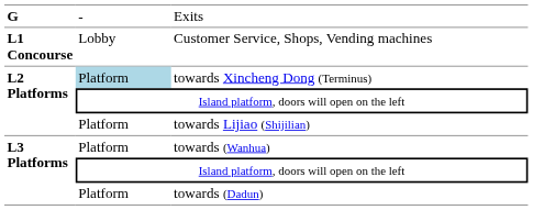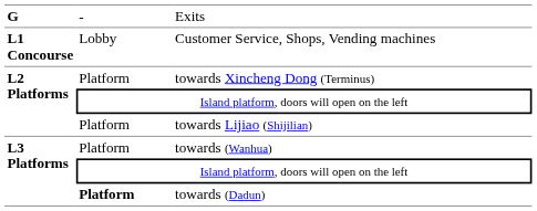 <table table border=0 cellspacing=0 cellpadding=3>
 <tr>
 <td style="border-top:solid 1px gray;" width=50 valign=top><strong>G</strong></td>
 <td style="border-top:solid 1px gray;" width=100 valign=top>-</td>
 <td style="border-top:solid 1px gray;" width=390 valign=top>Exits</td>
 </tr>
 <tr>
 <td style="border-bottom:solid 1px gray; border-top:solid 1px gray;" valign=top width=50><strong>L1<br>Concourse</strong></td>
 <td style="border-bottom:solid 1px gray; border-top:solid 1px gray;" valign=top width=100>Lobby</td>
 <td style="border-bottom:solid 1px gray; border-top:solid 1px gray;" valign=top width=390>Customer Service, Shops, Vending machines</td>
 </tr>
 <tr>
 <td style="border-bottom:solid 1px gray;" rowspan=3 valign=top><strong>L2<br>Platforms</strong></td>
-<td style="background: lightblue;">Platform </td>
+<td>Platform </td>
 <td>  towards <a href='#'>Xincheng Dong</a> <small>(Terminus)</small></td>
 </tr>
 <tr>
 <td style="border-right:solid 2px black;border-left:solid 2px black;border-top:solid 2px black;border-bottom:solid 2px black;text-align:center;" colspan=2><small><a href='#'>Island platform</a>, doors will open on the left</small></td>
 </tr>
 <tr>
 <td style="border-bottom:solid 1px gray;">Platform </td>
 <td style="border-bottom:solid 1px gray;"> towards <a href='#'>Lijiao</a> <small>(<a href='#'>Shijilian</a>)</small> </td>
 </tr>
 <tr>
 <td style="border-bottom:solid 1px gray;" rowspan=3 valign=top><strong>L3<br>Platforms</strong></td>
 <td>Platform </td>
 <td>  towards  <small>(<a href='#'>Wanhua</a>)</small></td>
 </tr>
 <tr>
 <td style="border-right:solid 2px black;border-left:solid 2px black;border-top:solid 2px black;border-bottom:solid 2px black;text-align:center;" colspan=2><small><a href='#'>Island platform</a>, doors will open on the left</small></td>
 </tr>
 <tr>
-<td style="border-bottom:solid 1px gray;">Platform </td>
+<td style="border-bottom:solid 1px gray;"><strong>Platform </strong></td>
 <td style="border-bottom:solid 1px gray;"> towards  <small>(<a href='#'>Dadun</a>)</small> </td>
 </tr>
 </table>
